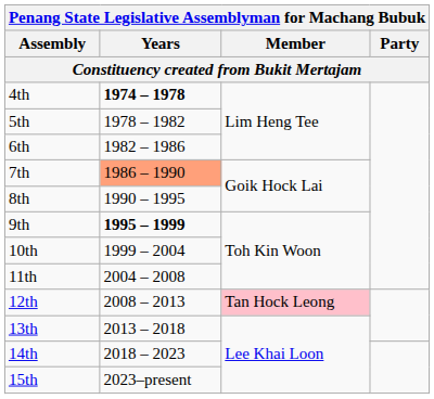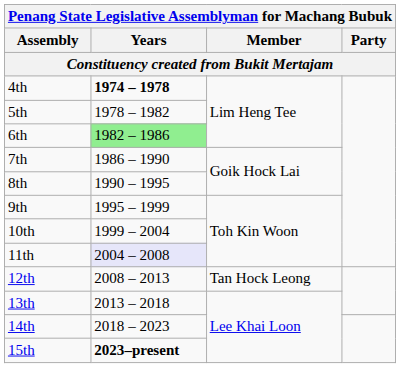 <table class="wikitable">
 <tr>
 <th colspan="4"><a href='#'>Penang State Legislative Assemblyman</a> for Machang Bubuk</th>
 </tr>
 <tr>
 <th>Assembly</th>
 <th>Years</th>
 <th>Member</th>
 <th>Party</th>
 </tr>
 <tr>
 <th colspan="4" align="center"><em>Constituency created from Bukit Mertajam</em></th>
 </tr>
 <tr>
 <td>4th</td>
 <td><strong>1974 – 1978</strong></td>
 <td rowspan="3">Lim Heng Tee</td>
 <td rowspan="8"></td>
 </tr>
 <tr>
 <td>5th</td>
 <td>1978 – 1982</td>
 </tr>
 <tr>
 <td>6th</td>
-<td>1982 – 1986</td>
+<td style="background: lightgreen;">1982 – 1986</td>
 </tr>
 <tr>
 <td>7th</td>
-<td style="background: lightsalmon;">1986 – 1990</td>
+<td>1986 – 1990</td>
 <td rowspan="2">Goik Hock Lai</td>
 </tr>
 <tr>
 <td>8th</td>
 <td>1990 – 1995</td>
 </tr>
 <tr>
 <td>9th</td>
-<td><strong>1995 – 1999</strong></td>
+<td>1995 – 1999</td>
 <td rowspan="3">Toh Kin Woon</td>
 </tr>
 <tr>
 <td>10th</td>
 <td>1999 – 2004</td>
 </tr>
 <tr>
 <td>11th</td>
-<td>2004 – 2008</td>
+<td style="background: lavender;">2004 – 2008</td>
 </tr>
 <tr>
 <td><a href='#'>12th</a></td>
 <td>2008 – 2013</td>
-<td style="background: pink;">Tan Hock Leong</td>
+<td>Tan Hock Leong</td>
 <td rowspan="2"></td>
 </tr>
 <tr>
 <td><a href='#'>13th</a></td>
 <td>2013 – 2018</td>
 <td rowspan="3"><a href='#'>Lee Khai Loon</a></td>
 </tr>
 <tr>
 <td><a href='#'>14th</a></td>
 <td>2018 – 2023</td>
 <td rowspan=2></td>
 </tr>
 <tr>
 <td><a href='#'>15th</a></td>
-<td>2023–present</td>
+<td><strong>2023–present</strong></td>
 </tr>
 </table>
